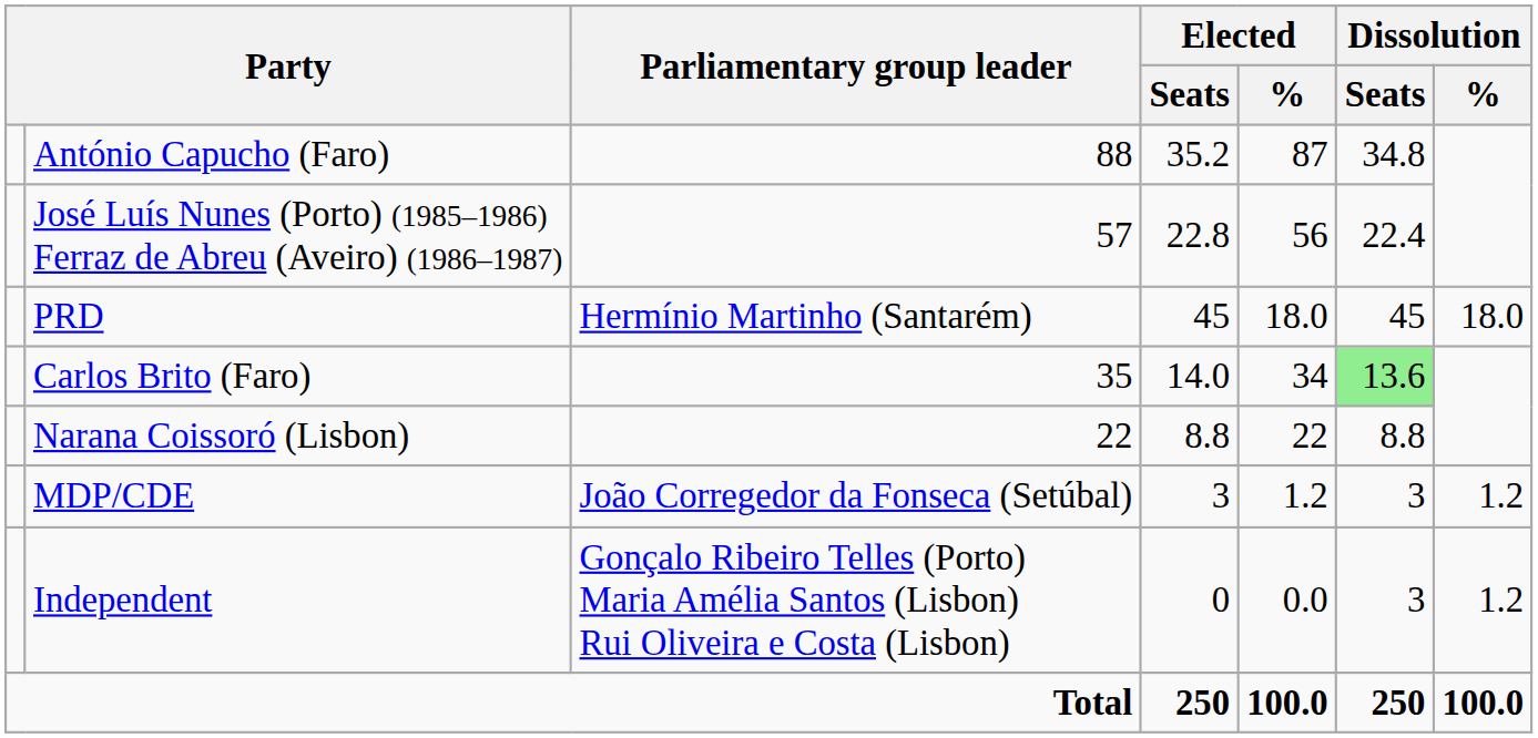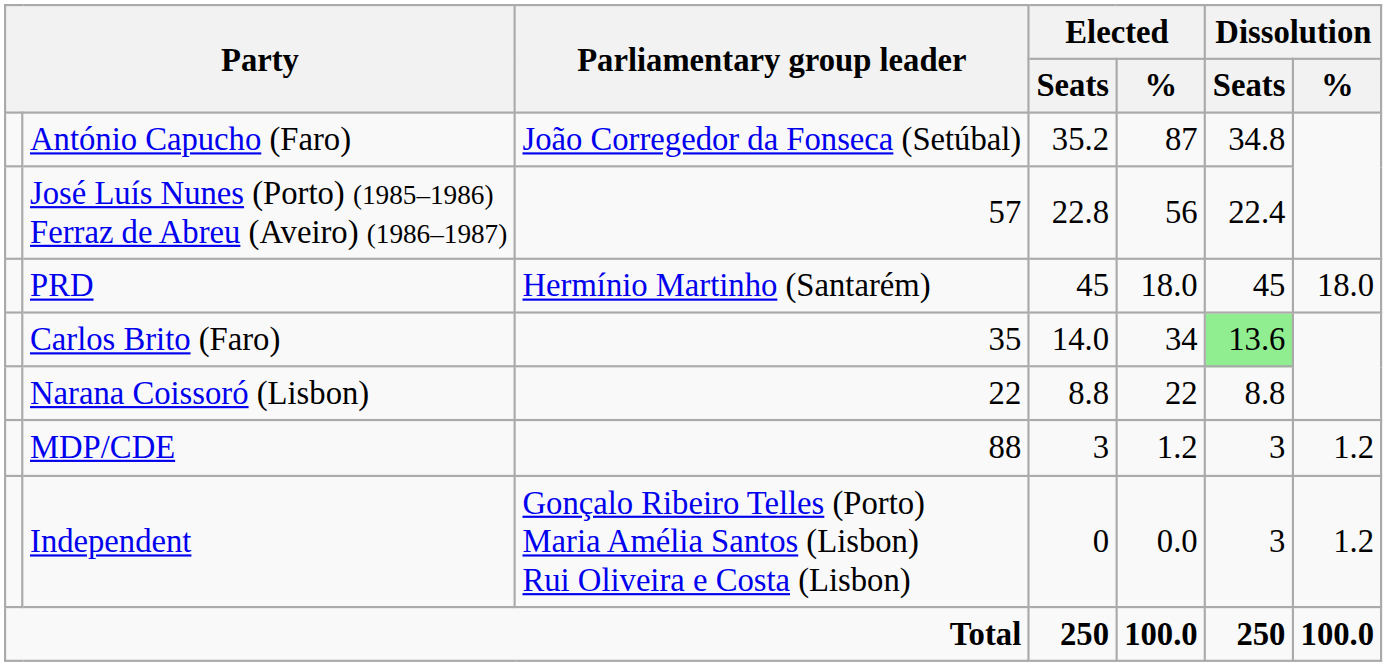 <table class="wikitable" style="text-align:right; font-size:95%;">
 <tr>
 <th colspan="2" rowspan="2">Party</th>
 <th rowspan="2">Parliamentary group leader</th>
 <th colspan="2">Elected</th>
 <th colspan="2">Dissolution</th>
 </tr>
 <tr>
 <th>Seats</th>
 <th>%</th>
 <th>Seats</th>
 <th>%</th>
 </tr>
 <tr>
 <td></td>
 <td align="left"><a href='#'>António Capucho</a> (Faro)</td>
-<td align="right">88</td>
+<td align="left"><a href='#'>João Corregedor da Fonseca</a> (Setúbal)</td>
 <td align="right">35.2</td>
 <td align="right">87</td>
 <td align="right">34.8</td>
 </tr>
 <tr>
 <td></td>
 <td align="left"><a href='#'>José Luís Nunes</a> (Porto) <small>(1985–1986)</small><br><a href='#'>Ferraz de Abreu</a> (Aveiro) <small>(1986–1987)</small></td>
 <td align="right">57</td>
 <td align="right">22.8</td>
 <td align="right">56</td>
 <td align="right">22.4</td>
 </tr>
 <tr>
 <td style="width:1px; background:"></td>
 <td style="text-align:left;"><a href='#'>PRD</a></td>
 <td align="left"><a href='#'>Hermínio Martinho</a> (Santarém)</td>
 <td align="right">45</td>
 <td align="right">18.0</td>
 <td align="right">45</td>
 <td align="right">18.0</td>
 </tr>
 <tr>
 <td></td>
 <td align="left"><a href='#'>Carlos Brito</a> (Faro)</td>
 <td align="right">35</td>
 <td align="right">14.0</td>
 <td align="right">34</td>
 <td align="right" style="background: lightgreen;">13.6</td>
 </tr>
 <tr>
 <td></td>
 <td align="left"><a href='#'>Narana Coissoró</a> (Lisbon)</td>
 <td align="right">22</td>
 <td align="right">8.8</td>
 <td align="right">22</td>
 <td align="right">8.8</td>
 </tr>
 <tr>
 <td style="width:1px; background:"></td>
 <td style="text-align:left;"><a href='#'>MDP/CDE</a></td>
-<td align="left"><a href='#'>João Corregedor da Fonseca</a> (Setúbal)</td>
+<td align="right">88</td>
 <td align="right">3</td>
 <td align="right">1.2</td>
 <td align="right">3</td>
 <td align="right">1.2</td>
 </tr>
 <tr>
 <td style="width:1px; background:"></td>
 <td style="text-align:left;"><a href='#'>Independent</a></td>
 <td align="left"><a href='#'>Gonçalo Ribeiro Telles</a> (Porto)<br><a href='#'>Maria Amélia Santos</a> (Lisbon)<br><a href='#'>Rui Oliveira e Costa</a> (Lisbon)</td>
 <td align="right">0</td>
 <td align="right">0.0</td>
 <td align="right">3</td>
 <td align="right">1.2</td>
 </tr>
 <tr>
 <td colspan="3"> <strong>Total</strong></td>
 <td align="right"><strong>250</strong></td>
 <td align="right"><strong>100.0</strong></td>
 <td align="right"><strong>250</strong></td>
 <td align="right"><strong>100.0</strong></td>
 </tr>
 </table>
